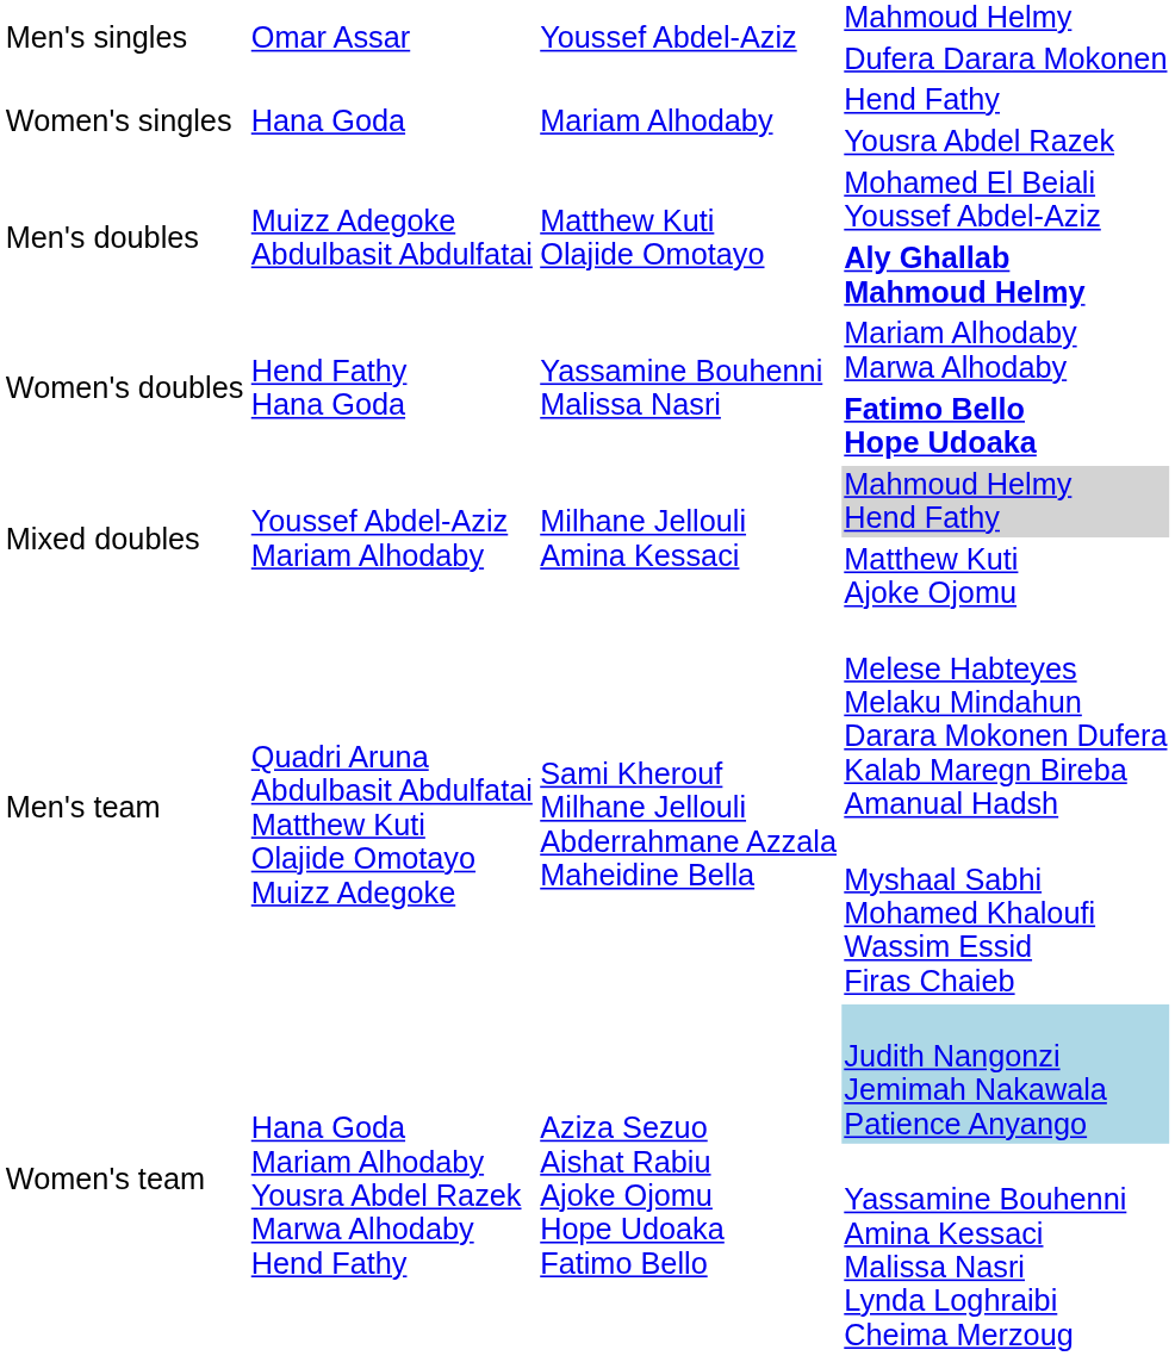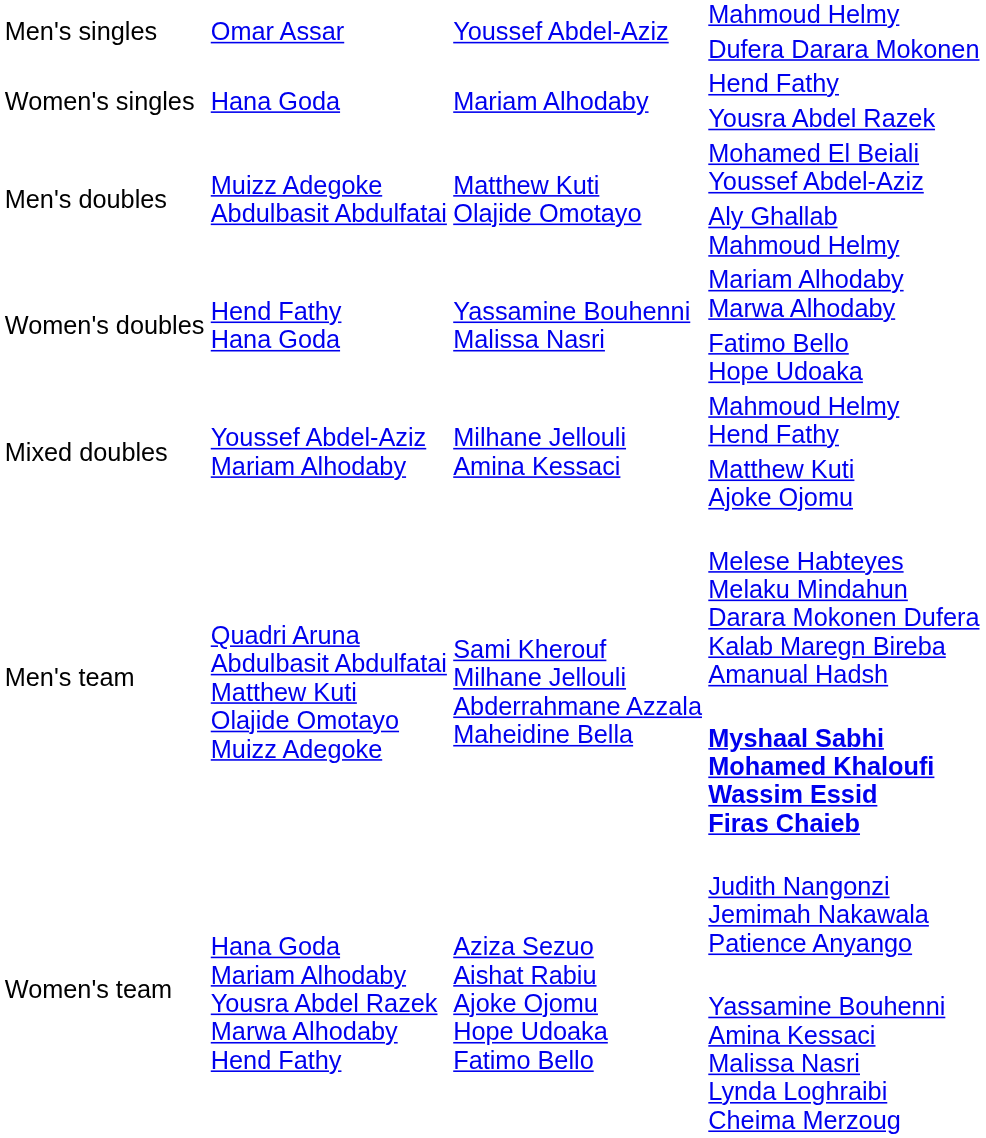 <table>
 <tr>
 <td rowspan=2>Men's singles</td>
 <td rowspan=2> <a href='#'>Omar Assar</a></td>
 <td rowspan=2> <a href='#'>Youssef Abdel-Aziz</a></td>
 <td> <a href='#'>Mahmoud Helmy</a></td>
 </tr>
 <tr>
 <td> <a href='#'>Dufera Darara Mokonen</a></td>
 </tr>
 <tr>
 <td rowspan=2>Women's singles</td>
 <td rowspan=2> <a href='#'>Hana Goda</a></td>
 <td rowspan=2> <a href='#'>Mariam Alhodaby</a></td>
 <td> <a href='#'>Hend Fathy</a></td>
 </tr>
 <tr>
 <td> <a href='#'>Yousra Abdel Razek</a></td>
 </tr>
 <tr>
 <td rowspan=2>Men's doubles</td>
 <td rowspan=2> <a href='#'>Muizz Adegoke</a><br> <a href='#'>Abdulbasit Abdulfatai</a></td>
 <td rowspan=2> <a href='#'>Matthew Kuti</a><br> <a href='#'>Olajide Omotayo</a></td>
 <td> <a href='#'>Mohamed El Beiali</a><br> <a href='#'>Youssef Abdel-Aziz</a></td>
 </tr>
 <tr>
-<td><strong> <a href='#'>Aly Ghallab</a><br> <a href='#'>Mahmoud Helmy</a></strong></td>
+<td> <a href='#'>Aly Ghallab</a><br> <a href='#'>Mahmoud Helmy</a></td>
 </tr>
 <tr>
 <td rowspan=2>Women's doubles</td>
 <td rowspan=2> <a href='#'>Hend Fathy</a><br> <a href='#'>Hana Goda</a></td>
 <td rowspan=2> <a href='#'>Yassamine Bouhenni</a><br> <a href='#'>Malissa Nasri</a></td>
 <td> <a href='#'>Mariam Alhodaby</a><br> <a href='#'>Marwa Alhodaby</a></td>
 </tr>
 <tr>
-<td><strong> <a href='#'>Fatimo Bello</a><br> <a href='#'>Hope Udoaka</a></strong></td>
+<td> <a href='#'>Fatimo Bello</a><br> <a href='#'>Hope Udoaka</a></td>
 </tr>
 <tr>
 <td rowspan=2>Mixed doubles</td>
 <td rowspan=2> <a href='#'>Youssef Abdel-Aziz</a><br> <a href='#'>Mariam Alhodaby</a></td>
 <td rowspan=2> <a href='#'>Milhane Jellouli</a><br> <a href='#'>Amina Kessaci</a></td>
-<td style="background: lightgrey;"> <a href='#'>Mahmoud Helmy</a><br> <a href='#'>Hend Fathy</a></td>
+<td> <a href='#'>Mahmoud Helmy</a><br> <a href='#'>Hend Fathy</a></td>
 </tr>
 <tr>
 <td> <a href='#'>Matthew Kuti</a><br> <a href='#'>Ajoke Ojomu</a></td>
 </tr>
 <tr>
 <td rowspan=2>Men's team</td>
 <td rowspan=2><br><a href='#'>Quadri Aruna</a><br><a href='#'>Abdulbasit Abdulfatai</a><br><a href='#'>Matthew Kuti</a><br><a href='#'>Olajide Omotayo</a><br><a href='#'>Muizz Adegoke</a></td>
 <td rowspan=2><br><a href='#'>Sami Kherouf</a><br><a href='#'>Milhane Jellouli</a><br><a href='#'>Abderrahmane Azzala</a><br><a href='#'>Maheidine Bella</a></td>
 <td><br><a href='#'>Melese Habteyes</a><br><a href='#'>Melaku Mindahun</a><br><a href='#'>Darara Mokonen Dufera</a><br><a href='#'>Kalab Maregn Bireba</a><br><a href='#'>Amanual Hadsh</a></td>
 </tr>
 <tr>
-<td><br><a href='#'>Myshaal Sabhi</a><br><a href='#'>Mohamed Khaloufi</a><br><a href='#'>Wassim Essid</a><br><a href='#'>Firas Chaieb</a></td>
+<td><strong><br><a href='#'>Myshaal Sabhi</a><br><a href='#'>Mohamed Khaloufi</a><br><a href='#'>Wassim Essid</a><br><a href='#'>Firas Chaieb</a></strong></td>
 </tr>
 <tr>
 <td rowspan=2>Women's team</td>
 <td rowspan=2><br><a href='#'>Hana Goda</a><br><a href='#'>Mariam Alhodaby</a><br><a href='#'>Yousra Abdel Razek</a><br><a href='#'>Marwa Alhodaby</a><br><a href='#'>Hend Fathy</a></td>
 <td rowspan=2><br><a href='#'>Aziza Sezuo</a><br><a href='#'>Aishat Rabiu</a><br><a href='#'>Ajoke Ojomu</a><br><a href='#'>Hope Udoaka</a><br><a href='#'>Fatimo Bello</a></td>
-<td style="background: lightblue;"><br><a href='#'>Judith Nangonzi</a><br><a href='#'>Jemimah Nakawala</a><br><a href='#'>Patience Anyango</a></td>
+<td><br><a href='#'>Judith Nangonzi</a><br><a href='#'>Jemimah Nakawala</a><br><a href='#'>Patience Anyango</a></td>
 </tr>
 <tr>
 <td><br><a href='#'>Yassamine Bouhenni</a><br><a href='#'>Amina Kessaci</a><br><a href='#'>Malissa Nasri</a><br><a href='#'>Lynda Loghraibi</a><br><a href='#'>Cheima Merzoug</a></td>
 </tr>
 </table>
